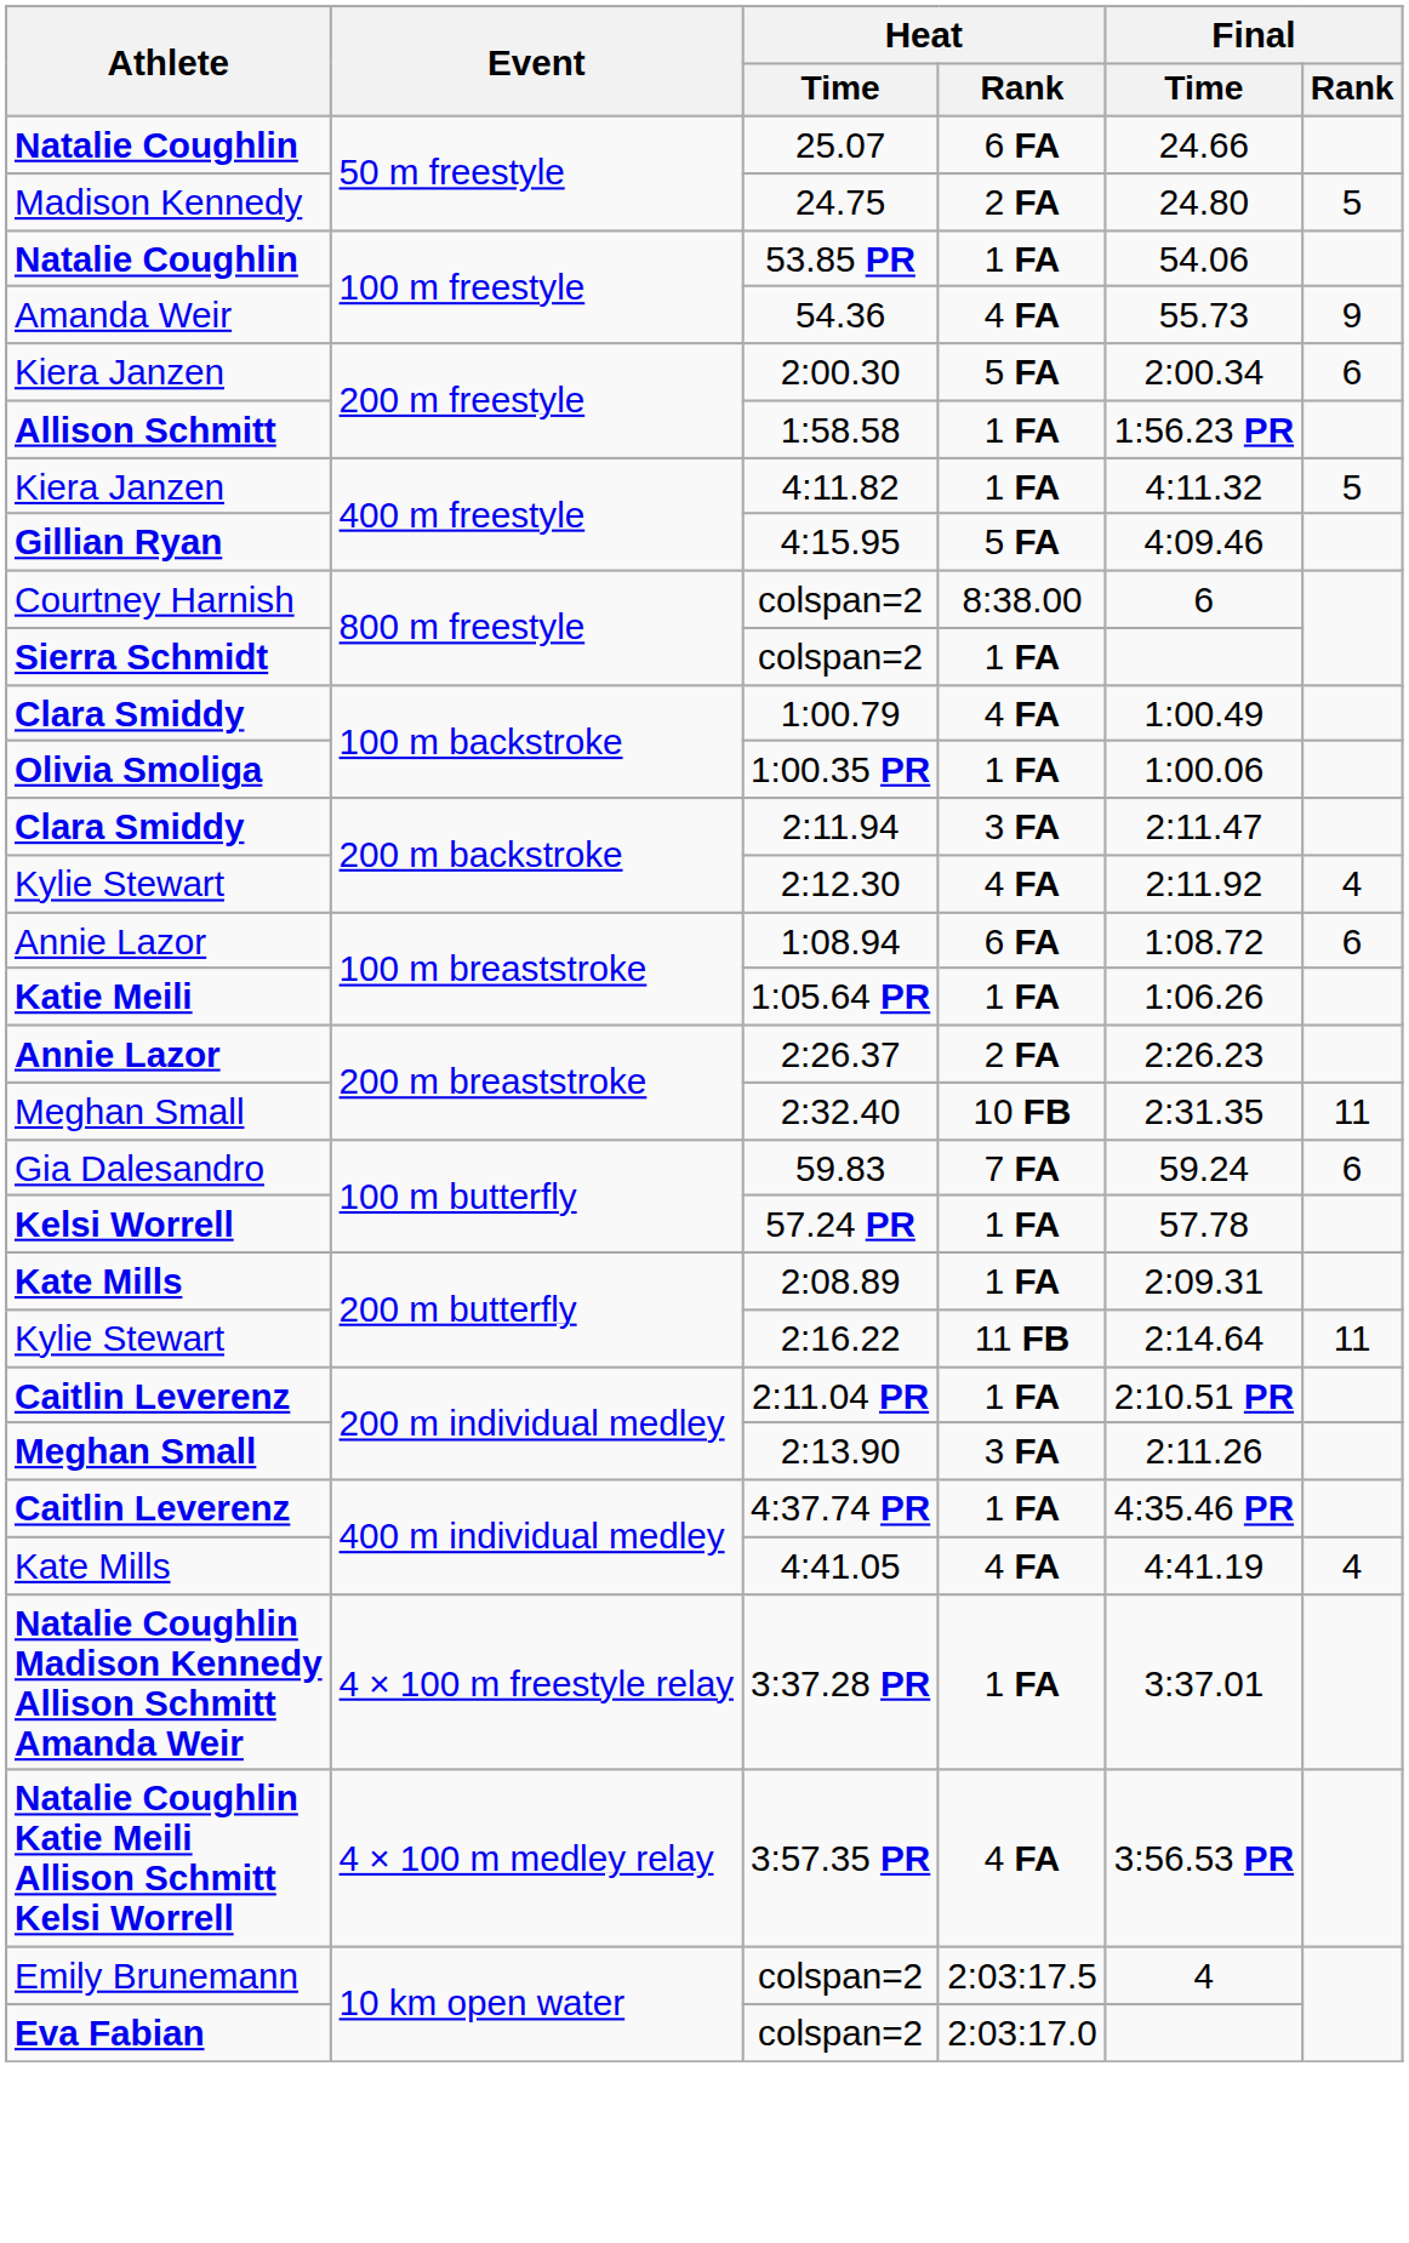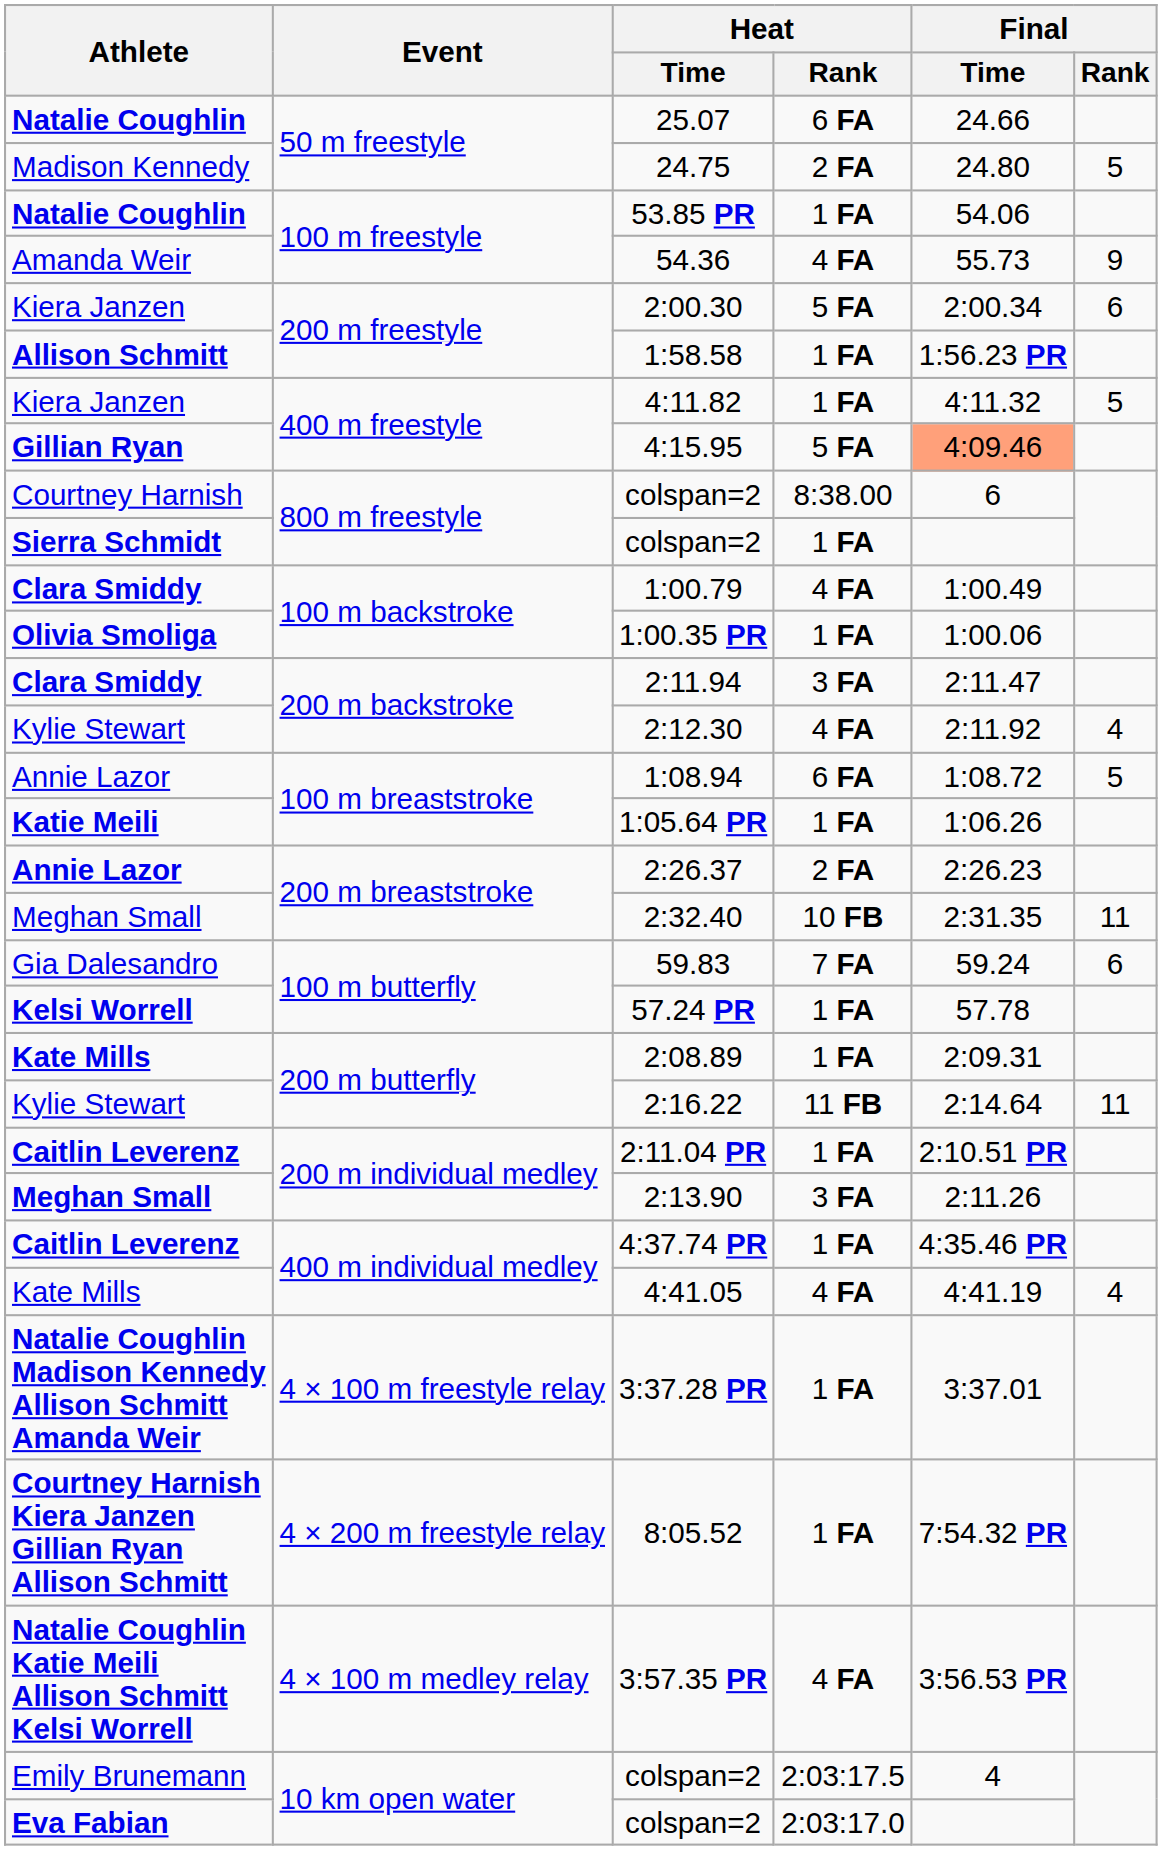 <table class=wikitable style="font-size:90%">
 <tr>
 <th rowspan=2>Athlete</th>
 <th rowspan=2>Event</th>
 <th colspan=2>Heat</th>
 <th colspan=2>Final</th>
 </tr>
 <tr style="font-size:95%">
 <th>Time</th>
 <th>Rank</th>
 <th>Time</th>
 <th>Rank</th>
 </tr>
 <tr align=center>
 <td align=left><strong><a href='#'>Natalie Coughlin</a></strong></td>
 <td align=left rowspan=2><a href='#'>50 m freestyle</a></td>
 <td>25.07</td>
 <td>6 <strong>FA</strong></td>
 <td>24.66</td>
 <td></td>
 </tr>
 <tr align=center>
 <td align=left><a href='#'>Madison Kennedy</a></td>
 <td>24.75</td>
 <td>2 <strong>FA</strong></td>
 <td>24.80</td>
 <td>5</td>
 </tr>
 <tr align=center>
 <td align=left><strong><a href='#'>Natalie Coughlin</a></strong></td>
 <td align=left rowspan=2><a href='#'>100 m freestyle</a></td>
 <td>53.85 <strong><a href='#'>PR</a></strong></td>
 <td>1 <strong>FA</strong></td>
 <td>54.06</td>
 <td></td>
 </tr>
 <tr align=center>
 <td align=left><a href='#'>Amanda Weir</a></td>
 <td>54.36</td>
 <td>4 <strong>FA</strong></td>
 <td>55.73</td>
 <td>9</td>
 </tr>
 <tr align=center>
 <td align=left><a href='#'>Kiera Janzen</a></td>
 <td align=left rowspan=2><a href='#'>200 m freestyle</a></td>
 <td>2:00.30</td>
 <td>5 <strong>FA</strong></td>
 <td>2:00.34</td>
 <td>6</td>
 </tr>
 <tr align=center>
 <td align=left><strong><a href='#'>Allison Schmitt</a></strong></td>
 <td>1:58.58</td>
 <td>1 <strong>FA</strong></td>
 <td>1:56.23 <strong><a href='#'>PR</a></strong></td>
 <td></td>
 </tr>
 <tr align=center>
 <td align=left><a href='#'>Kiera Janzen</a></td>
 <td align=left rowspan=2><a href='#'>400 m freestyle</a></td>
 <td>4:11.82</td>
 <td>1 <strong>FA</strong></td>
 <td>4:11.32</td>
 <td>5</td>
 </tr>
 <tr align=center>
 <td align=left><strong><a href='#'>Gillian Ryan</a></strong></td>
 <td>4:15.95</td>
 <td>5 <strong>FA</strong></td>
-<td>4:09.46</td>
+<td style="background: lightsalmon;">4:09.46</td>
 <td></td>
 </tr>
 <tr align=center>
 <td align=left><a href='#'>Courtney Harnish</a></td>
 <td align=left rowspan=2><a href='#'>800 m freestyle</a></td>
 <td>colspan=2 </td>
 <td>8:38.00</td>
 <td>6</td>
 </tr>
 <tr align=center>
 <td align=left><strong><a href='#'>Sierra Schmidt</a></strong></td>
 <td>colspan=2 </td>
 <td>1 <strong>FA</strong></td>
 <td></td>
 </tr>
 <tr align=center>
 <td align=left><strong><a href='#'>Clara Smiddy</a></strong></td>
 <td align=left rowspan=2><a href='#'>100 m backstroke</a></td>
 <td>1:00.79</td>
 <td>4 <strong>FA</strong></td>
 <td>1:00.49</td>
 <td></td>
 </tr>
 <tr align=center>
 <td align=left><strong><a href='#'>Olivia Smoliga</a></strong></td>
 <td>1:00.35 <strong><a href='#'>PR</a></strong></td>
 <td>1 <strong>FA</strong></td>
 <td>1:00.06</td>
 <td></td>
 </tr>
 <tr align=center>
 <td align=left><strong><a href='#'>Clara Smiddy</a></strong></td>
 <td align=left rowspan=2><a href='#'>200 m backstroke</a></td>
 <td>2:11.94</td>
 <td>3 <strong>FA</strong></td>
 <td>2:11.47</td>
 <td></td>
 </tr>
 <tr align=center>
 <td align=left><a href='#'>Kylie Stewart</a></td>
 <td>2:12.30</td>
 <td>4 <strong>FA</strong></td>
 <td>2:11.92</td>
 <td>4</td>
 </tr>
 <tr align=center>
 <td align=left><a href='#'>Annie Lazor</a></td>
 <td align=left rowspan=2><a href='#'>100 m breaststroke</a></td>
 <td>1:08.94</td>
 <td>6 <strong>FA</strong></td>
 <td>1:08.72</td>
-<td>6</td>
+<td>5</td>
 </tr>
 <tr align=center>
 <td align=left><strong><a href='#'>Katie Meili</a></strong></td>
 <td>1:05.64 <strong><a href='#'>PR</a></strong></td>
 <td>1 <strong>FA</strong></td>
 <td>1:06.26</td>
 <td></td>
 </tr>
 <tr align=center>
 <td align=left><strong><a href='#'>Annie Lazor</a></strong></td>
 <td align=left rowspan=2><a href='#'>200 m breaststroke</a></td>
 <td>2:26.37</td>
 <td>2 <strong>FA</strong></td>
 <td>2:26.23</td>
 <td></td>
 </tr>
 <tr align=center>
 <td align=left><a href='#'>Meghan Small</a></td>
 <td>2:32.40</td>
 <td>10 <strong>FB</strong></td>
 <td>2:31.35</td>
 <td>11</td>
 </tr>
 <tr align=center>
 <td align=left><a href='#'>Gia Dalesandro</a></td>
 <td align=left rowspan=2><a href='#'>100 m butterfly</a></td>
 <td>59.83</td>
 <td>7 <strong>FA</strong></td>
 <td>59.24</td>
 <td>6</td>
 </tr>
 <tr align=center>
 <td align=left><strong><a href='#'>Kelsi Worrell</a></strong></td>
 <td>57.24 <strong><a href='#'>PR</a></strong></td>
 <td>1 <strong>FA</strong></td>
 <td>57.78</td>
 <td></td>
 </tr>
 <tr align=center>
 <td align=left><strong><a href='#'>Kate Mills</a></strong></td>
 <td align=left rowspan=2><a href='#'>200 m butterfly</a></td>
 <td>2:08.89</td>
 <td>1 <strong>FA</strong></td>
 <td>2:09.31</td>
 <td></td>
 </tr>
 <tr align=center>
 <td align=left><a href='#'>Kylie Stewart</a></td>
 <td>2:16.22</td>
 <td>11 <strong>FB</strong></td>
 <td>2:14.64</td>
 <td>11</td>
 </tr>
 <tr align=center>
 <td align=left><strong><a href='#'>Caitlin Leverenz</a></strong></td>
 <td align=left rowspan=2><a href='#'>200 m individual medley</a></td>
 <td>2:11.04 <strong><a href='#'>PR</a></strong></td>
 <td>1 <strong>FA</strong></td>
 <td>2:10.51 <strong><a href='#'>PR</a></strong></td>
 <td></td>
 </tr>
 <tr align=center>
 <td align=left><strong><a href='#'>Meghan Small</a></strong></td>
 <td>2:13.90</td>
 <td>3 <strong>FA</strong></td>
 <td>2:11.26</td>
 <td></td>
 </tr>
 <tr align=center>
 <td align=left><strong><a href='#'>Caitlin Leverenz</a></strong></td>
 <td align=left rowspan=2><a href='#'>400 m individual medley</a></td>
 <td>4:37.74 <strong><a href='#'>PR</a></strong></td>
 <td>1 <strong>FA</strong></td>
 <td>4:35.46 <strong><a href='#'>PR</a></strong></td>
 <td></td>
 </tr>
 <tr align=center>
 <td align=left><a href='#'>Kate Mills</a></td>
 <td>4:41.05</td>
 <td>4 <strong>FA</strong></td>
 <td>4:41.19</td>
 <td>4</td>
 </tr>
 <tr align=center>
 <td align=left><strong><a href='#'>Natalie Coughlin</a><br><a href='#'>Madison Kennedy</a><br><a href='#'>Allison Schmitt</a><br><a href='#'>Amanda Weir</a></strong></td>
 <td align=left><a href='#'>4 × 100 m freestyle relay</a></td>
 <td>3:37.28 <strong><a href='#'>PR</a></strong></td>
 <td>1 <strong>FA</strong></td>
 <td>3:37.01</td>
 <td></td>
 </tr>
 <tr align=center>
+<td align=left><strong><a href='#'>Courtney Harnish</a><br><a href='#'>Kiera Janzen</a><br><a href='#'>Gillian Ryan</a><br><a href='#'>Allison Schmitt</a></strong></td>
+<td align=left><a href='#'>4 × 200 m freestyle relay</a></td>
+<td>8:05.52</td>
+<td>1 <strong>FA</strong></td>
+<td>7:54.32 <strong><a href='#'>PR</a></strong></td>
+<td></td>
+</tr>
+<tr align=center>
 <td align=left><strong><a href='#'>Natalie Coughlin</a><br><a href='#'>Katie Meili</a><br><a href='#'>Allison Schmitt</a><br><a href='#'>Kelsi Worrell</a></strong></td>
 <td align=left><a href='#'>4 × 100 m medley relay</a></td>
 <td>3:57.35 <strong><a href='#'>PR</a></strong></td>
 <td>4 <strong>FA</strong></td>
 <td>3:56.53 <strong><a href='#'>PR</a></strong></td>
 <td></td>
 </tr>
 <tr align=center>
 <td align=left><a href='#'>Emily Brunemann</a></td>
 <td align=left rowspan=2><a href='#'>10 km open water</a></td>
 <td>colspan=2 </td>
 <td>2:03:17.5</td>
 <td>4</td>
 </tr>
 <tr align=center>
 <td align=left><strong><a href='#'>Eva Fabian</a></strong></td>
 <td>colspan=2 </td>
 <td>2:03:17.0</td>
 <td></td>
 </tr>
 </table>
